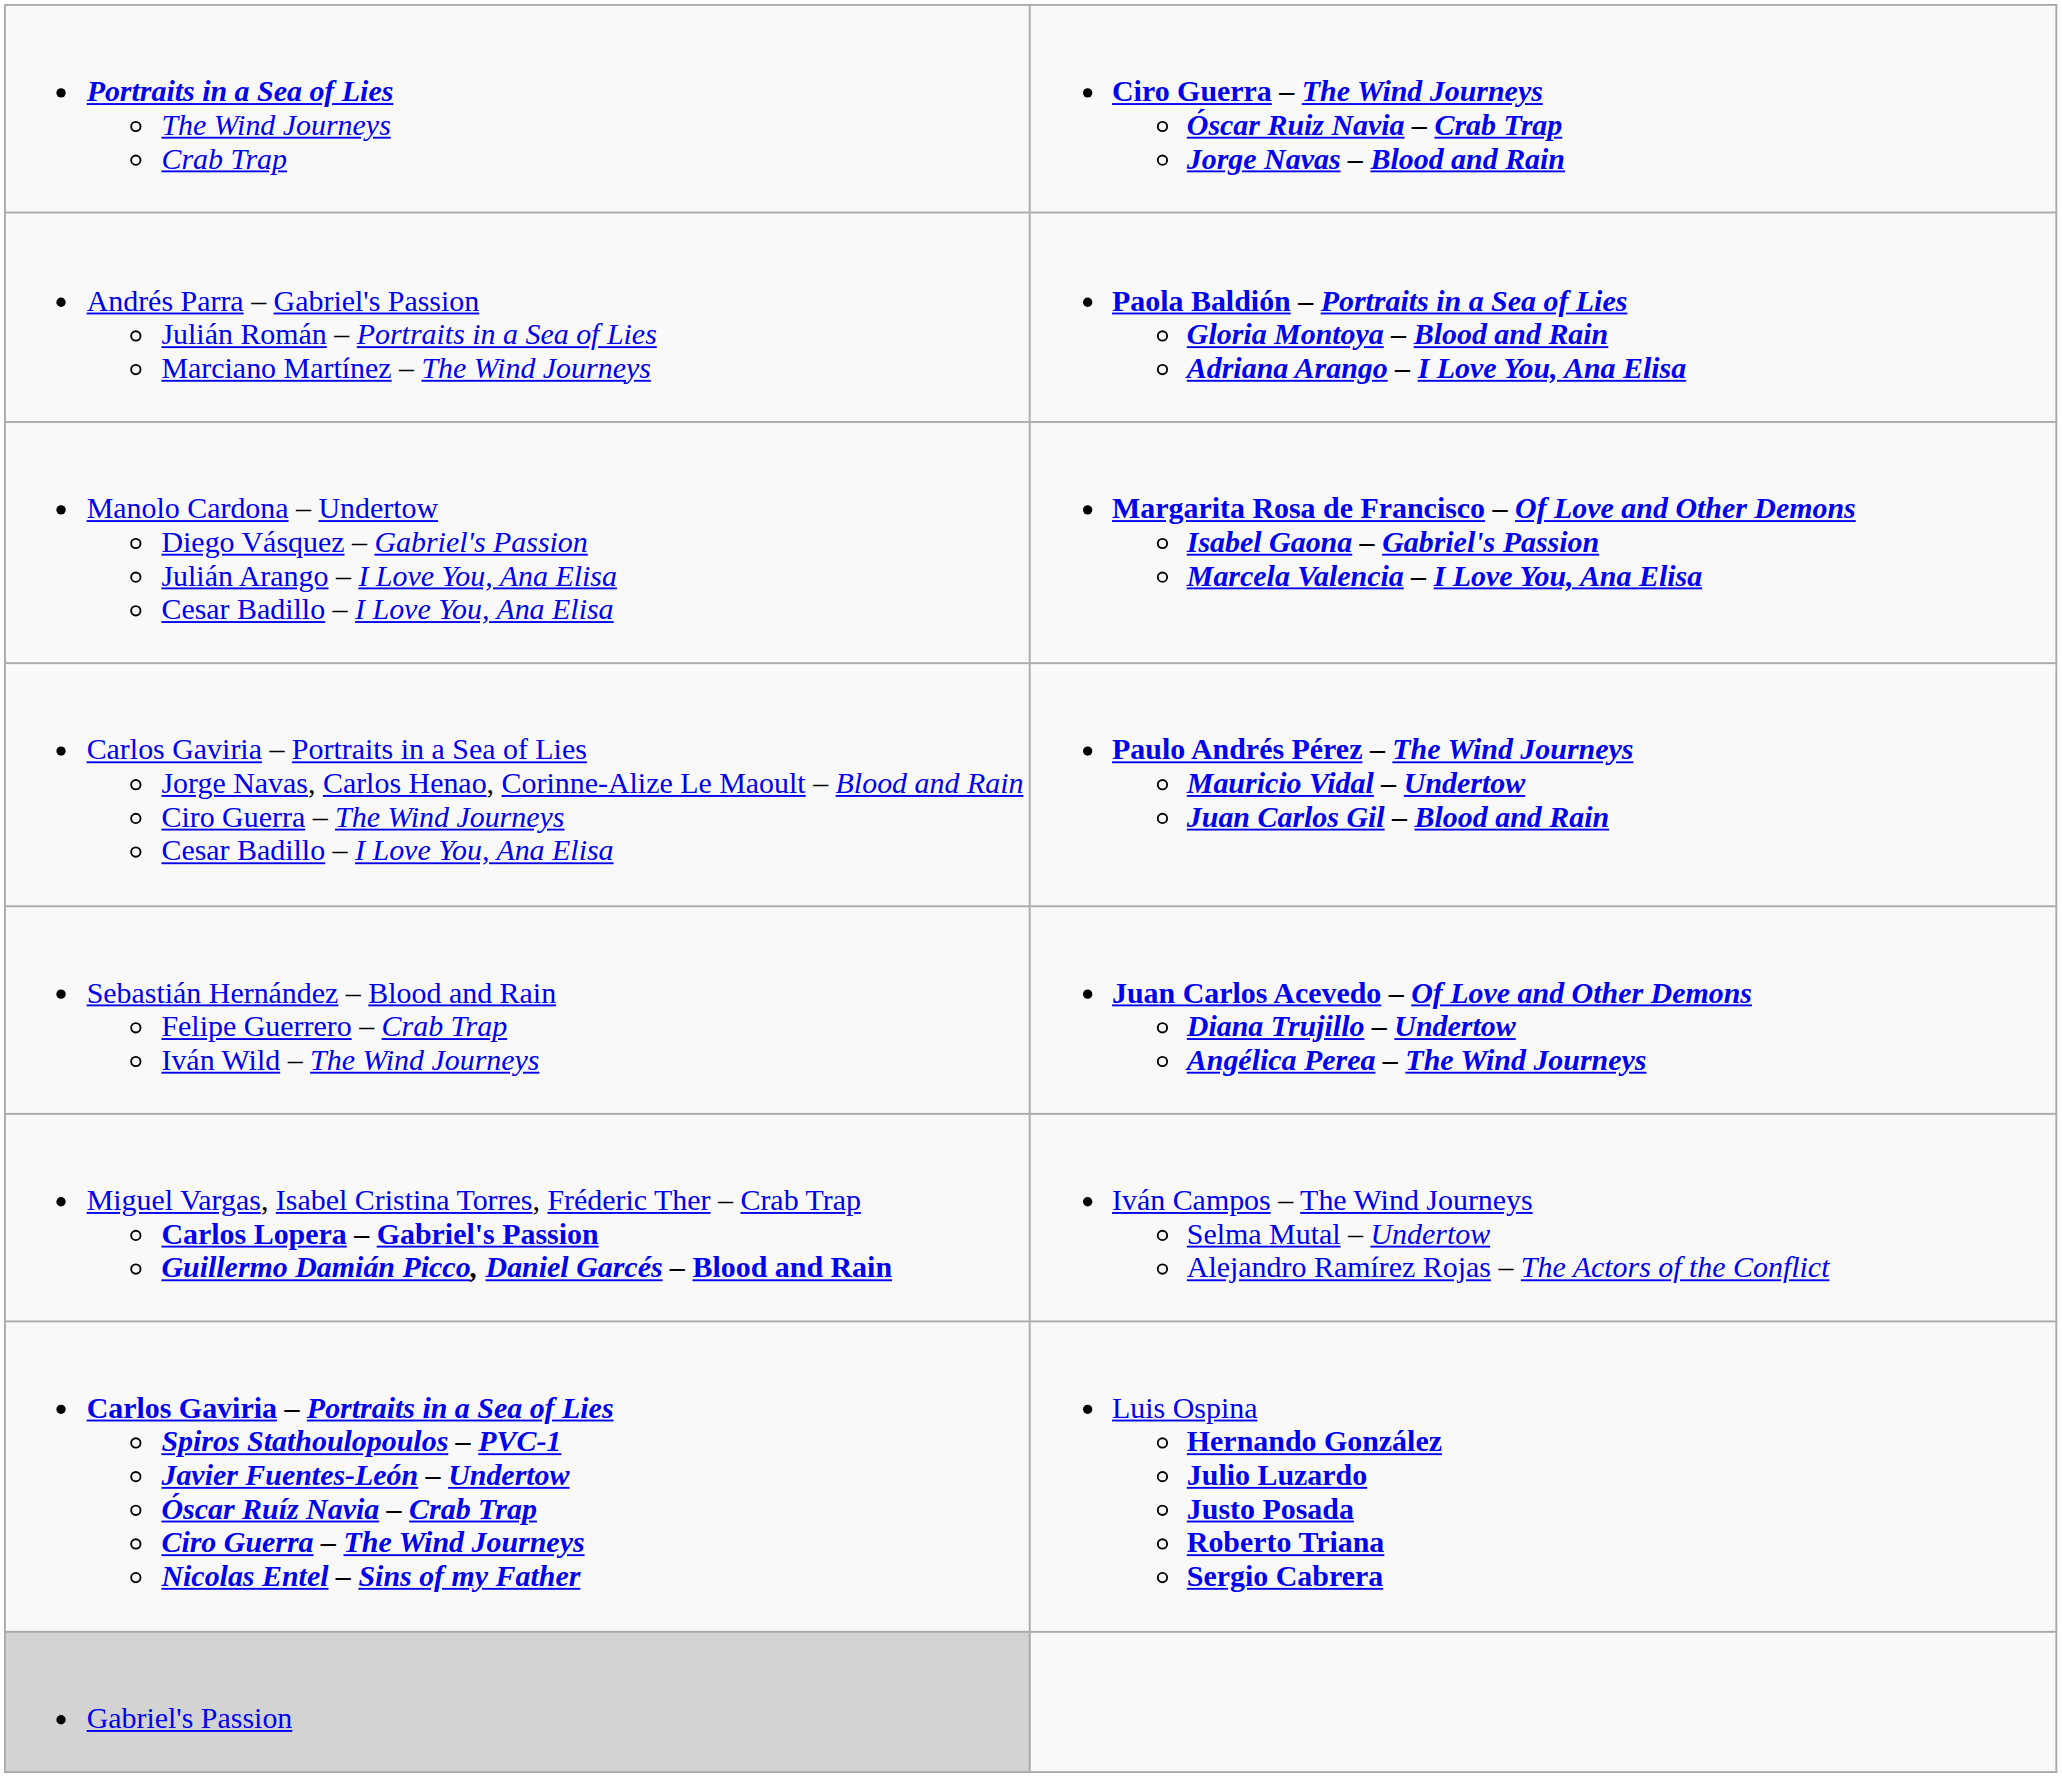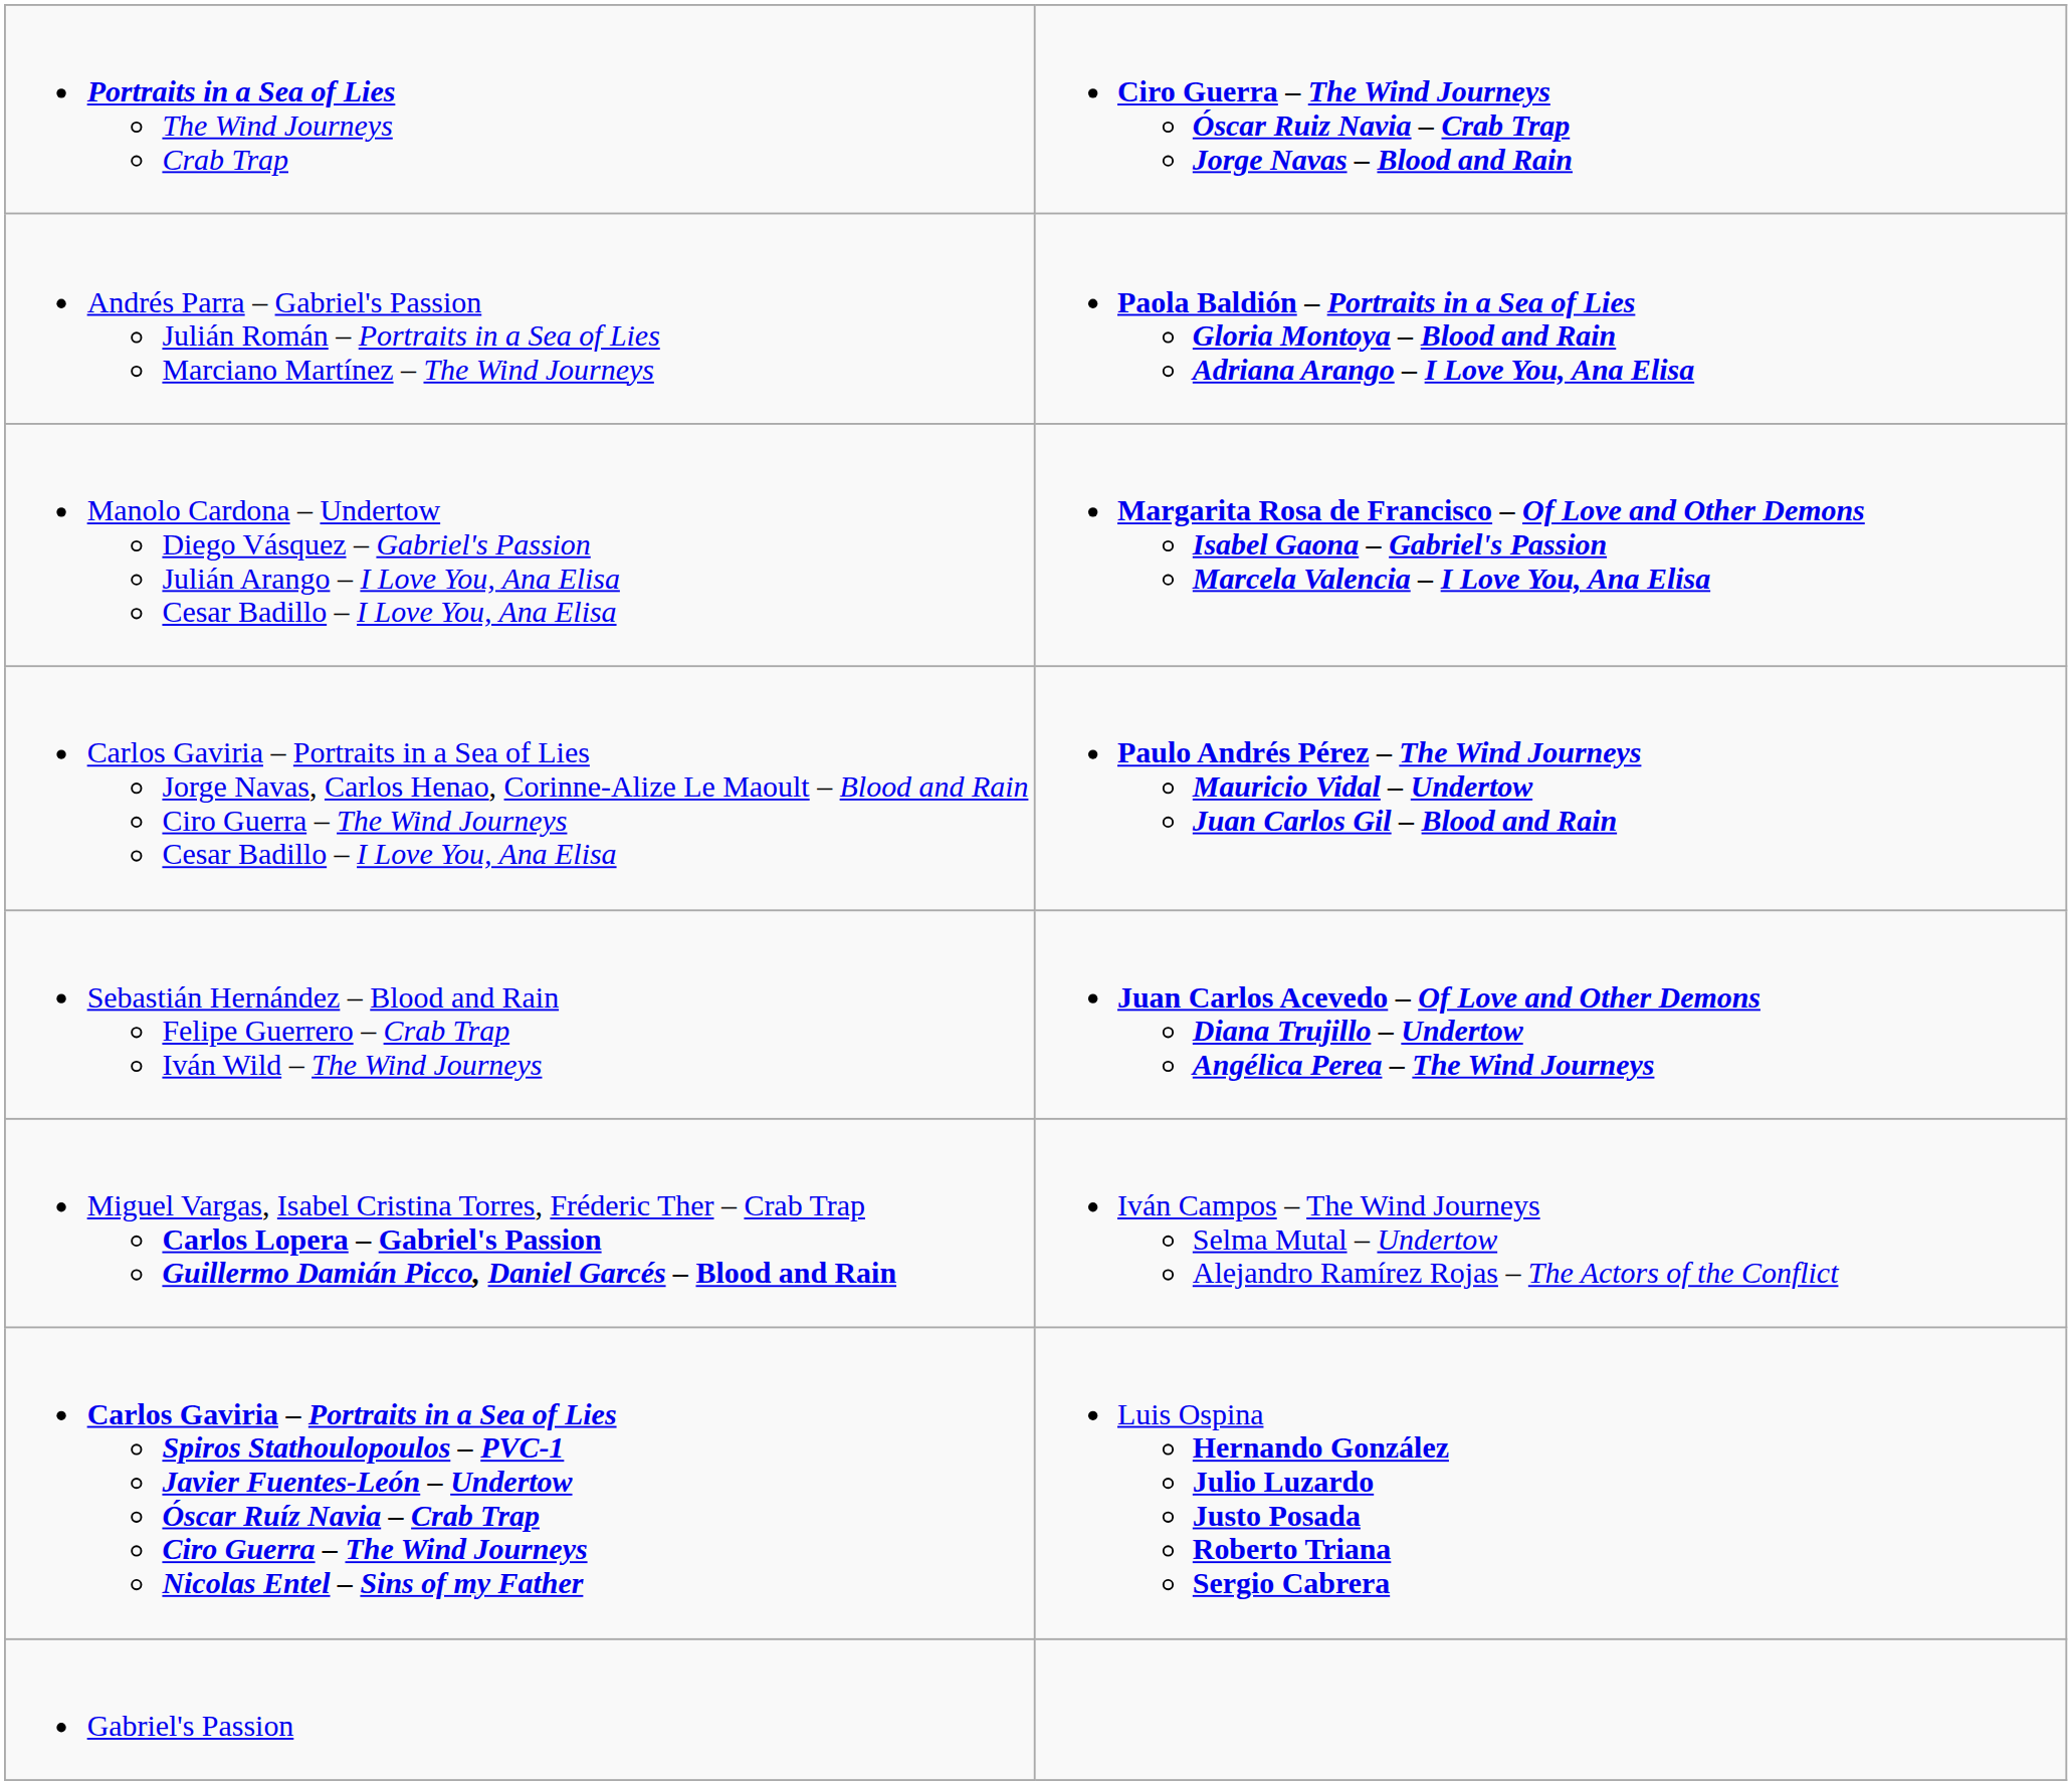 <table class=wikitable>
 <tr>
 <td valign="top" width="50%"><br><ul><li><strong><em><a href='#'>Portraits in a Sea of Lies</a></em></strong><ul><li><em><a href='#'>The Wind Journeys</a></em></li><li><em><a href='#'>Crab Trap</a></em></li></ul></li></ul></td>
 <td valign="top" width="50%"><br><ul><li><strong><a href='#'>Ciro Guerra</a> – <em><a href='#'>The Wind Journeys</a><strong><em><ul><li><a href='#'>Óscar Ruiz Navia</a> – </em><a href='#'>Crab Trap</a><em></li><li><a href='#'>Jorge Navas</a> – </em><a href='#'>Blood and Rain</a><em></li></ul></li></ul></td>
 </tr>
 <tr>
 <td valign="top" width="50%"><br><ul><li></strong><a href='#'>Andrés Parra</a> – </em><a href='#'>Gabriel's Passion</a></em></strong><ul><li><a href='#'>Julián Román</a> – <em><a href='#'>Portraits in a Sea of Lies</a></em></li><li><a href='#'>Marciano Martínez</a> – <em><a href='#'>The Wind Journeys</a></em></li></ul></li></ul></td>
 <td valign="top" width="50%"><br><ul><li><strong><a href='#'>Paola Baldión</a> – <em><a href='#'>Portraits in a Sea of Lies</a><strong><em><ul><li><a href='#'>Gloria Montoya</a> – </em><a href='#'>Blood and Rain</a><em></li><li><a href='#'>Adriana Arango</a> – </em><a href='#'>I Love You, Ana Elisa</a><em></li></ul></li></ul></td>
 </tr>
 <tr>
 <td valign="top" width="50%"><br><ul><li></strong><a href='#'>Manolo Cardona</a> – </em><a href='#'>Undertow</a></em></strong><ul><li><a href='#'>Diego Vásquez</a> – <em><a href='#'>Gabriel's Passion</a></em></li><li><a href='#'>Julián Arango</a> – <em><a href='#'>I Love You, Ana Elisa</a></em></li><li><a href='#'>Cesar Badillo</a> – <em><a href='#'>I Love You, Ana Elisa</a></em></li></ul></li></ul></td>
 <td valign="top" width="50%"><br><ul><li><strong><a href='#'>Margarita Rosa de Francisco</a> – <em><a href='#'>Of Love and Other Demons</a><strong><em><ul><li><a href='#'>Isabel Gaona</a> – </em><a href='#'>Gabriel's Passion</a><em></li><li><a href='#'>Marcela Valencia</a> – </em><a href='#'>I Love You, Ana Elisa</a><em></li></ul></li></ul></td>
 </tr>
 <tr>
 <td valign="top" width="50%"><br><ul><li></strong><a href='#'>Carlos Gaviria</a> – </em><a href='#'>Portraits in a Sea of Lies</a></em></strong><ul><li><a href='#'>Jorge Navas</a>, <a href='#'>Carlos Henao</a>, <a href='#'>Corinne-Alize Le Maoult</a> – <em><a href='#'>Blood and Rain</a></em></li><li><a href='#'>Ciro Guerra</a> – <em><a href='#'>The Wind Journeys</a></em></li><li><a href='#'>Cesar Badillo</a> – <em><a href='#'>I Love You, Ana Elisa</a></em></li></ul></li></ul></td>
 <td valign="top" width="50%"><br><ul><li><strong><a href='#'>Paulo Andrés Pérez</a> – <em><a href='#'>The Wind Journeys</a><strong><em><ul><li><a href='#'>Mauricio Vidal</a> – </em><a href='#'>Undertow</a><em></li><li><a href='#'>Juan Carlos Gil</a> – </em><a href='#'>Blood and Rain</a><em></li></ul></li></ul></td>
 </tr>
 <tr>
 <td valign="top" width="50%"><br><ul><li></strong><a href='#'>Sebastián Hernández</a> – </em><a href='#'>Blood and Rain</a></em></strong><ul><li><a href='#'>Felipe Guerrero</a> – <em><a href='#'>Crab Trap</a></em></li><li><a href='#'>Iván Wild</a> – <em><a href='#'>The Wind Journeys</a></em></li></ul></li></ul></td>
 <td valign="top" width="50%"><br><ul><li><strong><a href='#'>Juan Carlos Acevedo</a> – <em><a href='#'>Of Love and Other Demons</a><strong><em><ul><li><a href='#'>Diana Trujillo</a> – </em><a href='#'>Undertow</a><em></li><li><a href='#'>Angélica Perea</a> – </em><a href='#'>The Wind Journeys</a><em></li></ul></li></ul></td>
 </tr>
 <tr>
 <td valign="top" width="50%"><br><ul><li></strong><a href='#'>Miguel Vargas</a>, <a href='#'>Isabel Cristina Torres</a>, <a href='#'>Fréderic Ther</a> – <a href='#'>Crab Trap</a><strong><ul><li><a href='#'>Carlos Lopera</a> – </em><a href='#'>Gabriel's Passion</a><em></li><li><a href='#'>Guillermo Damián Picco</a>, <a href='#'>Daniel Garcés</a> – </em><a href='#'>Blood and Rain</a><em></li></ul></li></ul></td>
 <td valign="top" width="50%"><br><ul><li></strong><a href='#'>Iván Campos</a> – </em><a href='#'>The Wind Journeys</a></em></strong><ul><li><a href='#'>Selma Mutal</a> – <em><a href='#'>Undertow</a></em></li><li><a href='#'>Alejandro Ramírez Rojas</a> – <em><a href='#'>The Actors of the Conflict</a></em></li></ul></li></ul></td>
 </tr>
 <tr>
 <td valign="top" width="50%"><br><ul><li><strong><a href='#'>Carlos Gaviria</a> – <em><a href='#'>Portraits in a Sea of Lies</a><strong><em><ul><li><a href='#'>Spiros Stathoulopoulos</a> – </em><a href='#'>PVC-1</a><em></li><li><a href='#'>Javier Fuentes-León</a> – </em><a href='#'>Undertow</a><em></li><li><a href='#'>Óscar Ruíz Navia</a> – </em><a href='#'>Crab Trap</a><em></li><li><a href='#'>Ciro Guerra</a> – </em><a href='#'>The Wind Journeys</a><em></li><li><a href='#'>Nicolas Entel</a> – </em><a href='#'>Sins of my Father</a><em></li></ul></li></ul></td>
 <td valign="top" width="50%"><br><ul><li></strong><a href='#'>Luis Ospina</a><strong><ul><li><a href='#'>Hernando González</a></li><li><a href='#'>Julio Luzardo</a></li><li><a href='#'>Justo Posada</a></li><li><a href='#'>Roberto Triana</a></li><li><a href='#'>Sergio Cabrera</a></li></ul></li></ul></td>
 </tr>
 <tr>
-<td valign="top" width="50%" style="background: lightgrey;"><br><ul><li></strong><a href='#'>Gabriel's Passion</a><strong></li></ul></td>
+<td valign="top" width="50%"><br><ul><li></strong><a href='#'>Gabriel's Passion</a><strong></li></ul></td>
 </tr>
 </table>
